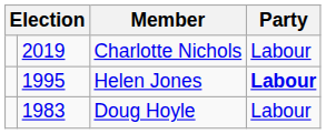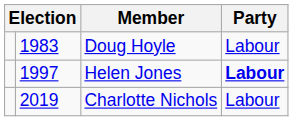 <table class="wikitable">
 <tr>
 <th colspan="2">Election</th>
 <th>Member</th>
 <th>Party</th>
 </tr>
 <tr>
 <td style="color:inherit;background-color: "></td>
-<td><a href='#'>2019</a></td>
-<td><a href='#'>Charlotte Nichols</a></td>
+<td><a href='#'>1983</a></td>
+<td><a href='#'>Doug Hoyle</a></td>
 <td><a href='#'>Labour</a></td>
 </tr>
 <tr>
 <td style="color:inherit;background-color: "></td>
-<td><a href='#'>1995</a></td>
+<td><a href='#'>1997</a></td>
 <td><a href='#'>Helen Jones</a></td>
 <td><strong><a href='#'>Labour</a></strong></td>
 </tr>
 <tr>
 <td style="color:inherit;background-color: "></td>
-<td><a href='#'>1983</a></td>
-<td><a href='#'>Doug Hoyle</a></td>
+<td><a href='#'>2019</a></td>
+<td><a href='#'>Charlotte Nichols</a></td>
 <td><a href='#'>Labour</a></td>
 </tr>
 </table>
